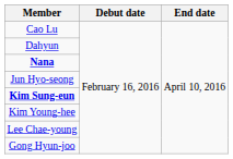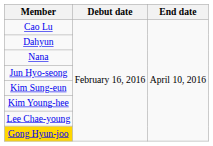 <table class="wikitable" style="text-align:center;">
 <tr>
 <th>Member</th>
 <th>Debut date</th>
 <th>End date</th>
 </tr>
 <tr>
 <td><a href='#'>Cao Lu</a></td>
 <td rowspan=8>February 16, 2016</td>
 <td rowspan=8>April 10, 2016</td>
 </tr>
 <tr>
 <td><a href='#'>Dahyun</a></td>
 </tr>
 <tr>
-<td><strong><a href='#'>Nana</a></strong></td>
+<td><a href='#'>Nana</a></td>
 </tr>
 <tr>
 <td><a href='#'>Jun Hyo-seong</a></td>
 </tr>
 <tr>
-<td><strong><a href='#'>Kim Sung-eun</a></strong></td>
+<td><a href='#'>Kim Sung-eun</a></td>
 </tr>
 <tr>
 <td><a href='#'>Kim Young-hee</a></td>
 </tr>
 <tr>
 <td><a href='#'>Lee Chae-young</a></td>
 </tr>
 <tr>
-<td><a href='#'>Gong Hyun-joo</a></td>
+<td style="background: gold;"><a href='#'>Gong Hyun-joo</a></td>
 </tr>
 </table>
